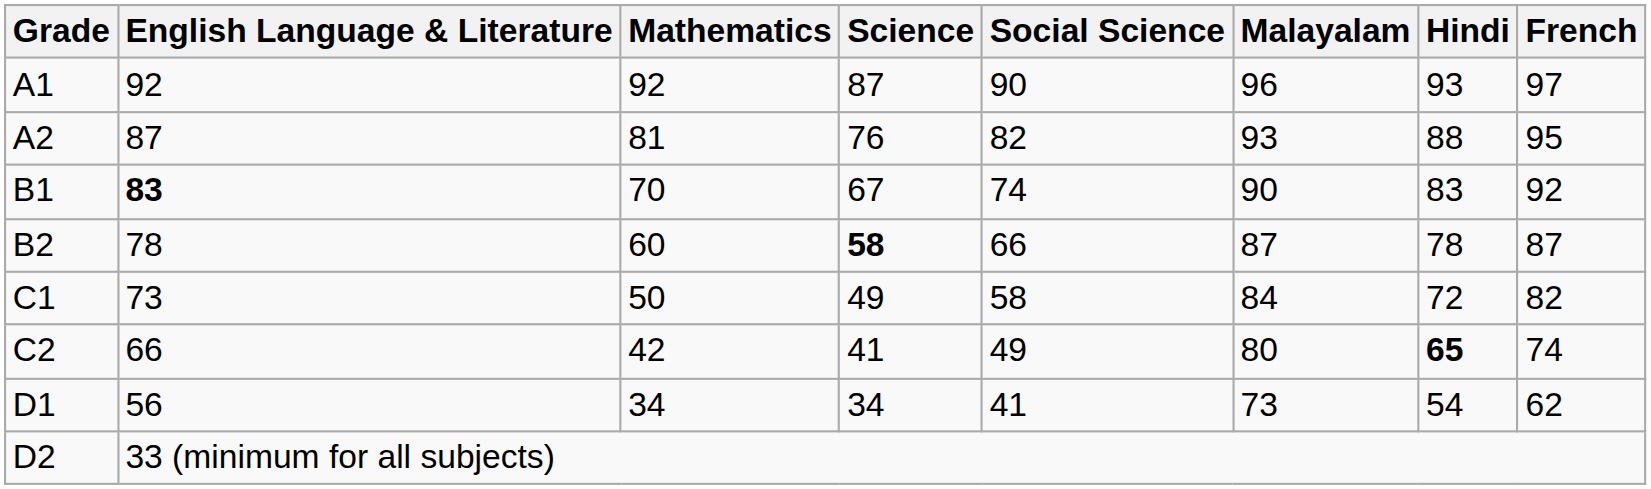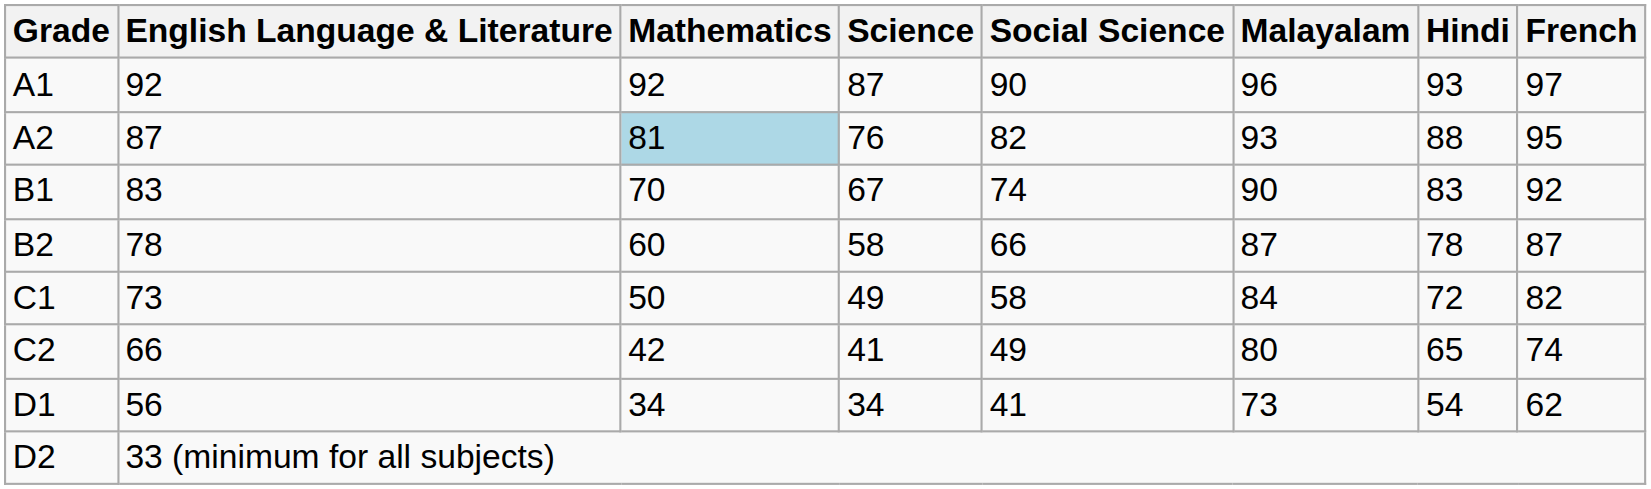 <table class="wikitable">
 <tr>
 <th>Grade</th>
 <th>English Language & Literature</th>
 <th>Mathematics</th>
 <th>Science</th>
 <th>Social Science</th>
 <th>Malayalam</th>
 <th>Hindi</th>
 <th>French</th>
 </tr>
 <tr>
 <td>A1</td>
 <td>92</td>
 <td>92</td>
 <td>87</td>
 <td>90</td>
 <td>96</td>
 <td>93</td>
 <td>97</td>
 </tr>
 <tr>
 <td>A2</td>
 <td>87</td>
-<td>81</td>
+<td style="background: lightblue;">81</td>
 <td>76</td>
 <td>82</td>
 <td>93</td>
 <td>88</td>
 <td>95</td>
 </tr>
 <tr>
 <td>B1</td>
-<td><strong>83</strong></td>
+<td>83</td>
 <td>70</td>
 <td>67</td>
 <td>74</td>
 <td>90</td>
 <td>83</td>
 <td>92</td>
 </tr>
 <tr>
 <td>B2</td>
 <td>78</td>
 <td>60</td>
-<td><strong>58</strong></td>
+<td>58</td>
 <td>66</td>
 <td>87</td>
 <td>78</td>
 <td>87</td>
 </tr>
 <tr>
 <td>C1</td>
 <td>73</td>
 <td>50</td>
 <td>49</td>
 <td>58</td>
 <td>84</td>
 <td>72</td>
 <td>82</td>
 </tr>
 <tr>
 <td>C2</td>
 <td>66</td>
 <td>42</td>
 <td>41</td>
 <td>49</td>
 <td>80</td>
-<td><strong>65</strong></td>
+<td>65</td>
 <td>74</td>
 </tr>
 <tr>
 <td>D1</td>
 <td>56</td>
 <td>34</td>
 <td>34</td>
 <td>41</td>
 <td>73</td>
 <td>54</td>
 <td>62</td>
 </tr>
 <tr>
 <td>D2</td>
 <td colspan="7">33 (minimum for all subjects)</td>
 </tr>
 </table>
